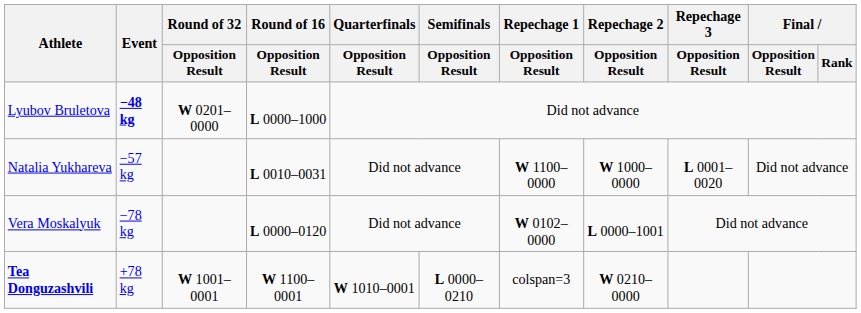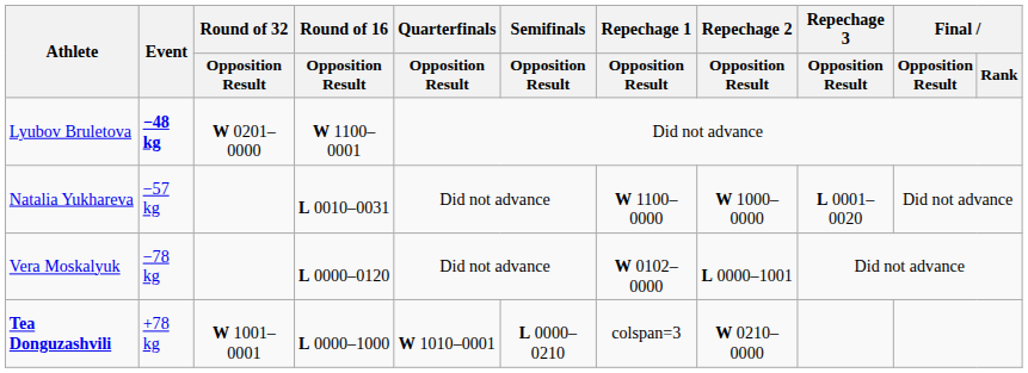 <table class="wikitable" style="font-size:90%">
 <tr>
 <th rowspan="2">Athlete</th>
 <th rowspan="2">Event</th>
 <th>Round of 32</th>
 <th>Round of 16</th>
 <th>Quarterfinals</th>
 <th>Semifinals</th>
 <th>Repechage 1</th>
 <th>Repechage 2</th>
 <th>Repechage 3</th>
 <th colspan=2>Final / </th>
 </tr>
 <tr style="font-size:95%">
 <th>Opposition<br>Result</th>
 <th>Opposition<br>Result</th>
 <th>Opposition<br>Result</th>
 <th>Opposition<br>Result</th>
 <th>Opposition<br>Result</th>
 <th>Opposition<br>Result</th>
 <th>Opposition<br>Result</th>
 <th>Opposition<br>Result</th>
 <th>Rank</th>
 </tr>
 <tr align=center>
 <td align=left><a href='#'>Lyubov Bruletova</a></td>
 <td align=left><strong><a href='#'>−48 kg</a></strong></td>
 <td><br><strong>W</strong> 0201–0000</td>
-<td><br><strong>L</strong> 0000–1000</td>
+<td><br><strong>W</strong> 1100–0001</td>
 <td colspan=7>Did not advance</td>
 </tr>
 <tr align=center>
 <td align=left><a href='#'>Natalia Yukhareva</a></td>
 <td align=left><a href='#'>−57 kg</a></td>
 <td></td>
 <td><br><strong>L</strong> 0010–0031</td>
 <td colspan=2>Did not advance</td>
 <td><br><strong>W</strong> 1100–0000</td>
 <td><br><strong>W</strong> 1000–0000</td>
 <td><br><strong>L</strong> 0001–0020</td>
 <td colspan=2>Did not advance</td>
 </tr>
 <tr align=center>
 <td align=left><a href='#'>Vera Moskalyuk</a></td>
 <td align=left><a href='#'>−78 kg</a></td>
 <td></td>
 <td><br><strong>L</strong> 0000–0120</td>
 <td colspan=2>Did not advance</td>
 <td><br><strong>W</strong> 0102–0000</td>
 <td><br><strong>L</strong> 0000–1001</td>
 <td colspan=3>Did not advance</td>
 </tr>
 <tr align=center>
 <td align=left><strong><a href='#'>Tea Donguzashvili</a></strong></td>
 <td align=left><a href='#'>+78 kg</a></td>
 <td><br><strong>W</strong> 1001–0001</td>
-<td><br><strong>W</strong> 1100–0001</td>
+<td><br><strong>L</strong> 0000–1000</td>
 <td><br><strong>W</strong> 1010–0001</td>
 <td><br><strong>L</strong> 0000–0210</td>
 <td>colspan=3 </td>
 <td><br><strong>W</strong> 0210–0000</td>
 <td></td>
 </tr>
 </table>
